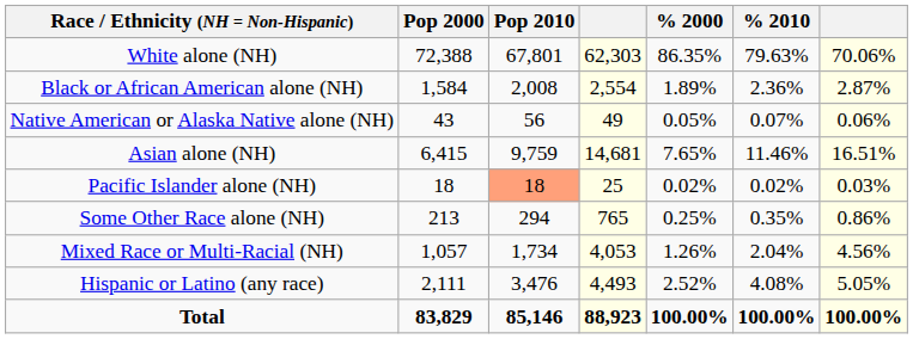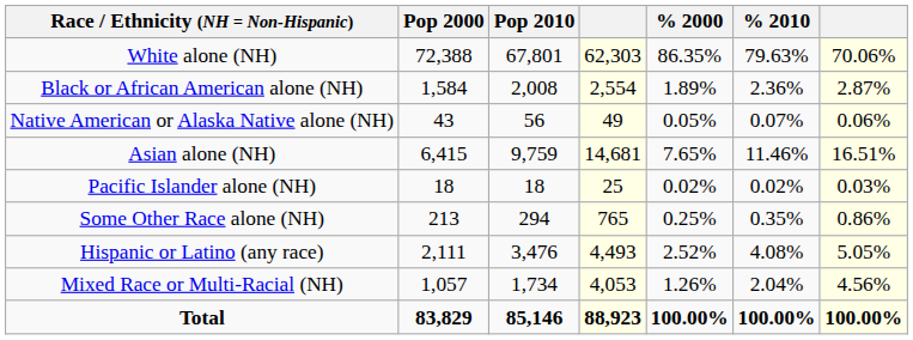 <table class="wikitable" style="text-align:center;">
 <tr>
 <th>Race / Ethnicity <small>(<em>NH = Non-Hispanic</em>)</small></th>
 <th>Pop 2000</th>
 <th>Pop 2010</th>
 <th></th>
 <th>% 2000</th>
 <th>% 2010</th>
 <th></th>
 </tr>
 <tr>
 <td><a href='#'>White</a> alone (NH)</td>
 <td>72,388</td>
 <td>67,801</td>
 <td style='background: #ffffe6;'>62,303</td>
 <td>86.35%</td>
 <td>79.63%</td>
 <td style='background: #ffffe6;'>70.06%</td>
 </tr>
 <tr>
 <td><a href='#'>Black or African American</a> alone (NH)</td>
 <td>1,584</td>
 <td>2,008</td>
 <td style='background: #ffffe6;'>2,554</td>
 <td>1.89%</td>
 <td>2.36%</td>
 <td style='background: #ffffe6;'>2.87%</td>
 </tr>
 <tr>
 <td><a href='#'>Native American</a> or <a href='#'>Alaska Native</a> alone (NH)</td>
 <td>43</td>
 <td>56</td>
 <td style='background: #ffffe6;'>49</td>
 <td>0.05%</td>
 <td>0.07%</td>
 <td style='background: #ffffe6;'>0.06%</td>
 </tr>
 <tr>
 <td><a href='#'>Asian</a> alone (NH)</td>
 <td>6,415</td>
 <td>9,759</td>
 <td style='background: #ffffe6;'>14,681</td>
 <td>7.65%</td>
 <td>11.46%</td>
 <td style='background: #ffffe6;'>16.51%</td>
 </tr>
 <tr>
 <td><a href='#'>Pacific Islander</a> alone (NH)</td>
 <td>18</td>
-<td style="background: lightsalmon;">18</td>
+<td>18</td>
 <td style='background: #ffffe6;'>25</td>
 <td>0.02%</td>
 <td>0.02%</td>
 <td style='background: #ffffe6;'>0.03%</td>
 </tr>
 <tr>
 <td><a href='#'>Some Other Race</a> alone (NH)</td>
 <td>213</td>
 <td>294</td>
 <td style='background: #ffffe6;'>765</td>
 <td>0.25%</td>
 <td>0.35%</td>
 <td style='background: #ffffe6;'>0.86%</td>
 </tr>
 <tr>
+<td><a href='#'>Hispanic or Latino</a> (any race)</td>
+<td>2,111</td>
+<td>3,476</td>
+<td style='background: #ffffe6;'>4,493</td>
+<td>2.52%</td>
+<td>4.08%</td>
+<td style='background: #ffffe6;'>5.05%</td>
+</tr>
+<tr>
 <td><a href='#'>Mixed Race or Multi-Racial</a> (NH)</td>
 <td>1,057</td>
 <td>1,734</td>
 <td style='background: #ffffe6;'>4,053</td>
 <td>1.26%</td>
 <td>2.04%</td>
 <td style='background: #ffffe6;'>4.56%</td>
-</tr>
-<tr>
-<td><a href='#'>Hispanic or Latino</a> (any race)</td>
-<td>2,111</td>
-<td>3,476</td>
-<td style='background: #ffffe6;'>4,493</td>
-<td>2.52%</td>
-<td>4.08%</td>
-<td style='background: #ffffe6;'>5.05%</td>
 </tr>
 <tr>
 <td><strong>Total</strong></td>
 <td><strong>83,829</strong></td>
 <td><strong>85,146</strong></td>
 <td style='background: #ffffe6;'><strong>88,923</strong></td>
 <td><strong>100.00%</strong></td>
 <td><strong>100.00%</strong></td>
 <td style='background: #ffffe6;'><strong>100.00%</strong></td>
 </tr>
 </table>
